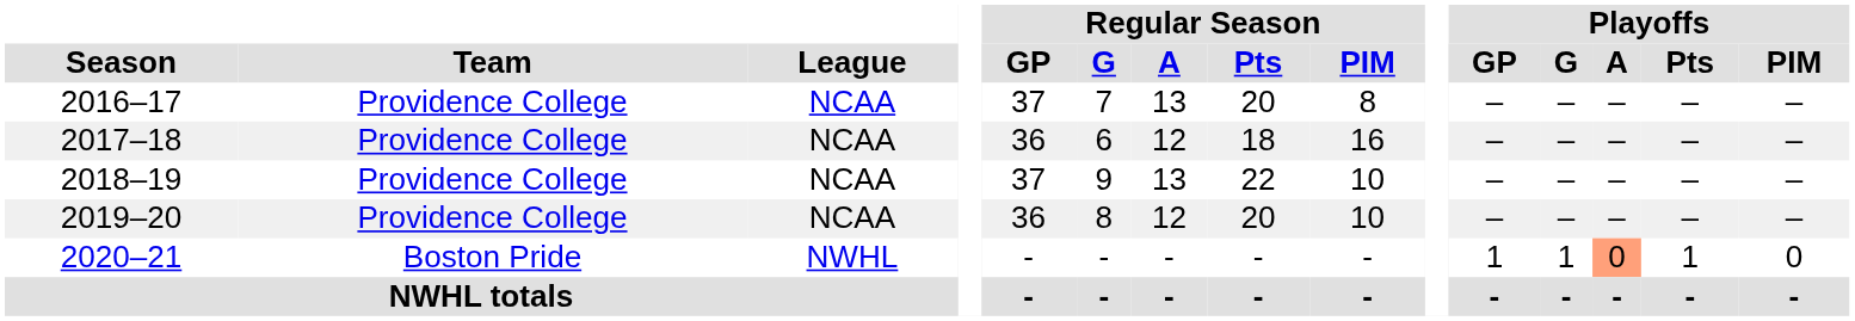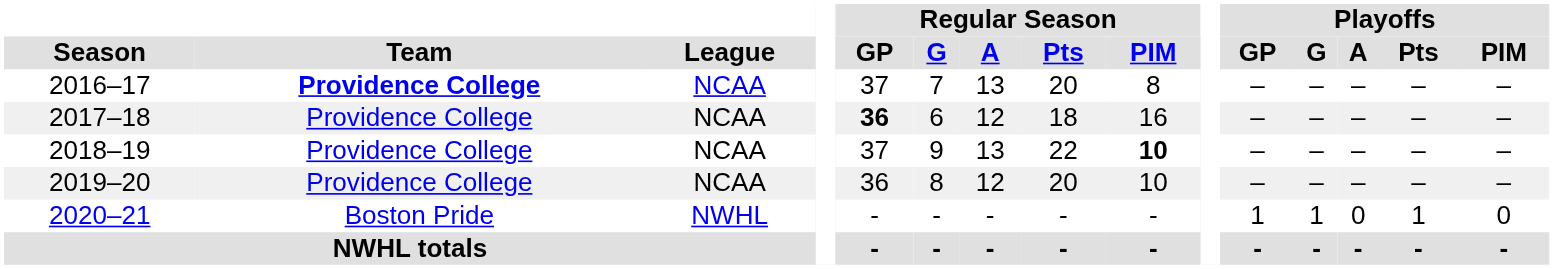 <table border="0" cellpadding="1" cellspacing="0" style="text-align:center; width:75%">
 <tr bgcolor="#e0e0e0">
 <th colspan="3"  bgcolor="#ffffff"> </th>
 <th rowspan="99" bgcolor="#ffffff"> </th>
 <th colspan="5">Regular Season</th>
 <th rowspan="99" bgcolor="#ffffff"> </th>
 <th colspan="5">Playoffs</th>
 </tr>
 <tr bgcolor="#e0e0e0">
 <th>Season</th>
 <th>Team</th>
 <th>League</th>
 <th>GP</th>
 <th><a href='#'>G</a></th>
 <th><a href='#'>A</a></th>
 <th><a href='#'>Pts</a></th>
 <th><a href='#'>PIM</a></th>
 <th>GP</th>
 <th>G</th>
 <th>A</th>
 <th>Pts</th>
 <th>PIM</th>
 </tr>
 <tr>
 <td>2016–17</td>
-<td><a href='#'>Providence College</a></td>
+<td><strong><a href='#'>Providence College</a></strong></td>
 <td><a href='#'>NCAA</a></td>
 <td>37</td>
 <td>7</td>
 <td>13</td>
 <td>20</td>
 <td>8</td>
 <td>–</td>
 <td>–</td>
 <td>–</td>
 <td>–</td>
 <td>–</td>
 </tr>
 <tr bgcolor="#f0f0f0">
 <td>2017–18</td>
 <td><a href='#'>Providence College</a></td>
 <td>NCAA</td>
-<td>36</td>
+<td><strong>36</strong></td>
 <td>6</td>
 <td>12</td>
 <td>18</td>
 <td>16</td>
 <td>–</td>
 <td>–</td>
 <td>–</td>
 <td>–</td>
 <td>–</td>
 </tr>
 <tr>
 <td>2018–19</td>
 <td><a href='#'>Providence College</a></td>
 <td>NCAA</td>
 <td>37</td>
 <td>9</td>
 <td>13</td>
 <td>22</td>
-<td>10</td>
+<td><strong>10</strong></td>
 <td>–</td>
 <td>–</td>
 <td>–</td>
 <td>–</td>
 <td>–</td>
 </tr>
 <tr bgcolor="#f0f0f0">
 <td>2019–20</td>
 <td><a href='#'>Providence College</a></td>
 <td>NCAA</td>
 <td>36</td>
 <td>8</td>
 <td>12</td>
 <td>20</td>
 <td>10</td>
 <td>–</td>
 <td>–</td>
 <td>–</td>
 <td>–</td>
 <td>–</td>
 </tr>
 <tr>
 <td><a href='#'>2020–21</a></td>
 <td><a href='#'>Boston Pride</a></td>
 <td><a href='#'>NWHL</a></td>
 <td>-</td>
 <td>-</td>
 <td>-</td>
 <td>-</td>
 <td>-</td>
 <td>1</td>
 <td>1</td>
-<td style="background: lightsalmon;">0</td>
+<td>0</td>
 <td>1</td>
 <td>0</td>
 </tr>
 <tr bgcolor="#e0e0e0">
 <th colspan="3">NWHL totals</th>
 <th>-</th>
 <th>-</th>
 <th>-</th>
 <th>-</th>
 <th>-</th>
 <th>-</th>
 <th>-</th>
 <th>-</th>
 <th>-</th>
 <th>-</th>
 </tr>
 </table>
